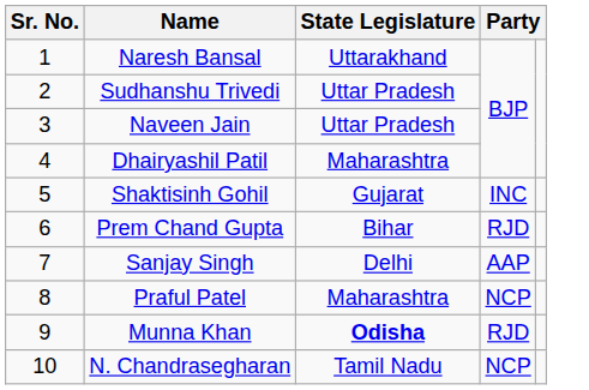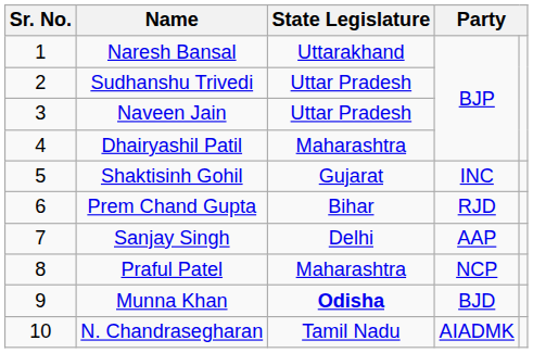 <table class="wikitable">
 <tr>
 <th>Sr. No.</th>
 <th>Name</th>
 <th>State Legislature</th>
 <th colspan="2">Party</th>
 </tr>
 <tr align="center">
 <td>1</td>
 <td><a href='#'>Naresh Bansal</a></td>
 <td><a href='#'>Uttarakhand</a></td>
 <td rowspan="4"><a href='#'>BJP</a></td>
 <td rowspan="4"></td>
 </tr>
 <tr align="center">
 <td>2</td>
 <td><a href='#'>Sudhanshu Trivedi</a></td>
 <td><a href='#'>Uttar Pradesh</a></td>
 </tr>
 <tr align="center">
 <td>3</td>
 <td><a href='#'>Naveen Jain</a></td>
 <td><a href='#'>Uttar Pradesh</a></td>
 </tr>
 <tr align="center">
 <td>4</td>
 <td><a href='#'>Dhairyashil Patil</a></td>
 <td><a href='#'>Maharashtra</a></td>
 </tr>
 <tr align="center">
 <td>5</td>
 <td><a href='#'>Shaktisinh Gohil</a></td>
 <td><a href='#'>Gujarat</a></td>
 <td><a href='#'>INC</a></td>
 <td></td>
 </tr>
 <tr align="center">
 <td>6</td>
 <td><a href='#'>Prem Chand Gupta</a></td>
 <td><a href='#'>Bihar</a></td>
 <td><a href='#'>RJD</a></td>
 <td></td>
 </tr>
 <tr align="center">
 <td>7</td>
 <td><a href='#'>Sanjay Singh</a></td>
 <td><a href='#'>Delhi</a></td>
 <td><a href='#'>AAP</a></td>
 <td></td>
 </tr>
 <tr align="center">
 <td>8</td>
 <td><a href='#'>Praful Patel</a></td>
 <td><a href='#'>Maharashtra</a></td>
 <td><a href='#'>NCP</a></td>
 <td></td>
 </tr>
 <tr align="center">
 <td>9</td>
 <td><a href='#'>Munna Khan</a></td>
 <td><strong><a href='#'>Odisha</a></strong></td>
-<td><a href='#'>RJD</a></td>
+<td><a href='#'>BJD</a></td>
 <td></td>
 </tr>
 <tr align="center">
 <td>10</td>
 <td><a href='#'>N. Chandrasegharan</a></td>
 <td><a href='#'>Tamil Nadu</a></td>
-<td><a href='#'>NCP</a></td>
+<td><a href='#'>AIADMK</a></td>
 <td></td>
 </tr>
 </table>
